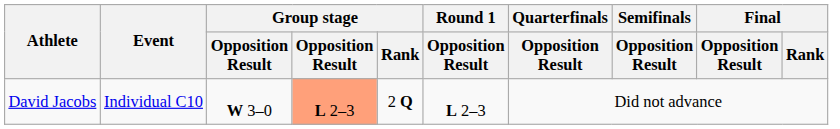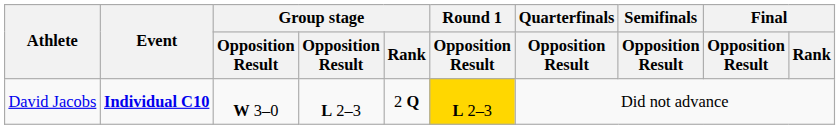 <table class=wikitable style="font-size:90%">
 <tr>
 <th rowspan="2">Athlete</th>
 <th rowspan="2">Event</th>
 <th colspan="3">Group stage</th>
 <th>Round 1</th>
 <th>Quarterfinals</th>
 <th>Semifinals</th>
 <th colspan="2">Final</th>
 </tr>
 <tr>
 <th>Opposition<br>Result</th>
 <th>Opposition<br>Result</th>
 <th>Rank</th>
 <th>Opposition<br>Result</th>
 <th>Opposition<br>Result</th>
 <th>Opposition<br>Result</th>
 <th>Opposition<br>Result</th>
 <th>Rank</th>
 </tr>
 <tr align=center>
 <td align=left><a href='#'>David Jacobs</a></td>
-<td align=left><a href='#'>Individual C10</a></td>
+<td align=left><strong><a href='#'>Individual C10</a></strong></td>
 <td><br> <strong>W</strong> 3–0</td>
-<td style="background: lightsalmon;"><br> <strong>L</strong> 2–3</td>
+<td><br> <strong>L</strong> 2–3</td>
 <td>2 <strong>Q</strong></td>
-<td><br> <strong>L</strong> 2–3</td>
+<td style="background: gold;"><br> <strong>L</strong> 2–3</td>
 <td colspan=4>Did not advance</td>
 </tr>
 </table>
